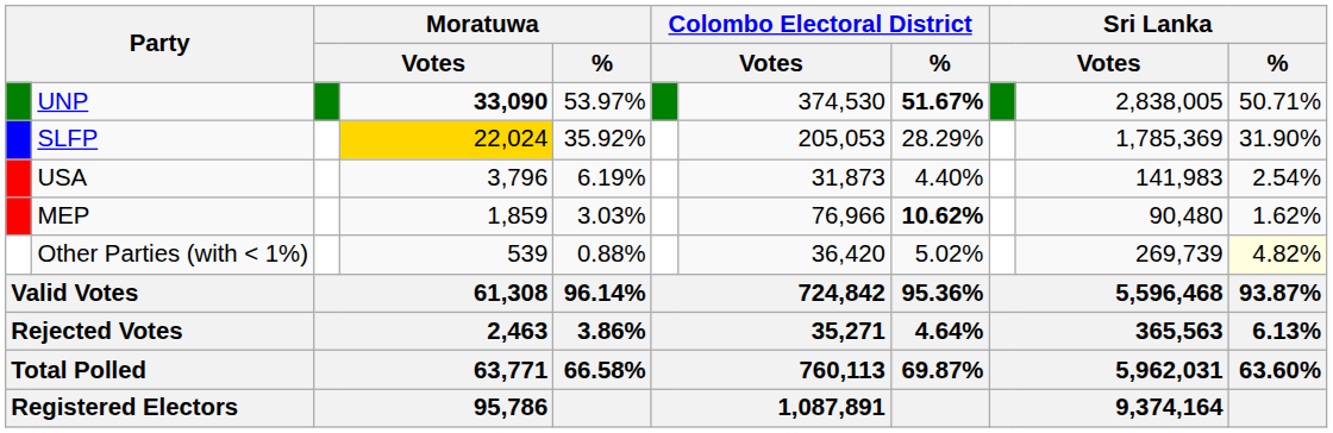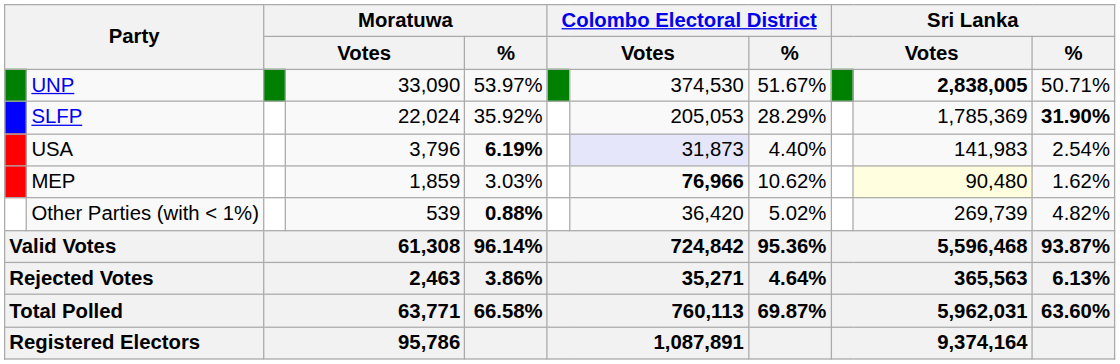 <table class="wikitable">
 <tr>
 <th colspan="2" width="144px"rowspan="2">Party</th>
 <th colspan="3" width="216px">Moratuwa</th>
 <th colspan="3" width="216px"><a href='#'>Colombo Electoral District</a></th>
 <th colspan="3" width="216px">Sri Lanka</th>
 </tr>
 <tr>
 <th colspan="2" width="144px">Votes</th>
 <th>%</th>
 <th colspan="2" width="144px">Votes</th>
 <th>%</th>
 <th colspan="2" width="144px">Votes</th>
 <th>%</th>
 </tr>
 <tr>
 <td style="background-color:green;" width="10px"></td>
 <td style="text-align:left;"><a href='#'>UNP</a></td>
 <td style="background-color:green;" width="10px"></td>
-<td style="text-align:right;"><strong>33,090</strong></td>
+<td style="text-align:right;">33,090</td>
 <td style="text-align:right;">53.97%</td>
 <td style="background-color:green;" width="10px"></td>
 <td style="text-align:right;">374,530</td>
-<td style="text-align:right;"><strong>51.67%</strong></td>
+<td style="text-align:right;">51.67%</td>
 <td style="background-color:green;" width="10px"></td>
-<td style="text-align:right;">2,838,005</td>
+<td style="text-align:right;"><strong>2,838,005</strong></td>
 <td style="text-align:right;">50.71%</td>
 </tr>
 <tr>
 <td style="background-color:blue;" width="10px"></td>
 <td style="text-align:left;"><a href='#'>SLFP</a></td>
 <td style="background-color:white;" width="10px"></td>
-<td style="background: gold; text-align:right;">22,024</td>
+<td style="text-align:right;">22,024</td>
 <td style="text-align:right;">35.92%</td>
 <td style="background-color:white;" width="10px"></td>
 <td style="text-align:right;">205,053</td>
 <td style="text-align:right;">28.29%</td>
 <td style="background-color:white;" width="10px"></td>
 <td style="text-align:right;">1,785,369</td>
-<td style="text-align:right;">31.90%</td>
+<td style="text-align:right;"><strong>31.90%</strong></td>
 </tr>
 <tr>
 <td style="background-color:red;" width="10px"></td>
 <td style="text-align:left;">USA</td>
 <td style="background-color:white;" width="10px"></td>
 <td style="text-align:right;">3,796</td>
-<td style="text-align:right;">6.19%</td>
+<td style="text-align:right;"><strong>6.19%</strong></td>
 <td style="background-color:white;" width="10px"></td>
-<td style="text-align:right;">31,873</td>
+<td style="background: lavender; text-align:right;">31,873</td>
 <td style="text-align:right;">4.40%</td>
 <td style="background-color:white;" width="10px"></td>
 <td style="text-align:right;">141,983</td>
 <td style="text-align:right;">2.54%</td>
 </tr>
 <tr>
 <td style="background-color:red;" width="10px"></td>
 <td style="text-align:left;">MEP</td>
 <td style="background-color:white;" width="10px"></td>
 <td style="text-align:right;">1,859</td>
 <td style="text-align:right;">3.03%</td>
 <td style="background-color:white;" width="10px"></td>
-<td style="text-align:right;">76,966</td>
-<td style="text-align:right;"><strong>10.62%</strong></td>
+<td style="text-align:right;"><strong>76,966</strong></td>
+<td style="text-align:right;">10.62%</td>
 <td style="background-color:white;" width="10px"></td>
-<td style="text-align:right;">90,480</td>
+<td style="background: lightyellow; text-align:right;">90,480</td>
 <td style="text-align:right;">1.62%</td>
 </tr>
 <tr>
 <td style="background-color:white;" width="10px"></td>
 <td style="text-align:left;">Other Parties (with < 1%)</td>
 <td style="background-color:white;" width="10px"></td>
 <td style="text-align:right;">539</td>
-<td style="text-align:right;">0.88%</td>
+<td style="text-align:right;"><strong>0.88%</strong></td>
 <td style="background-color:white;" width="10px"></td>
 <td style="text-align:right;">36,420</td>
 <td style="text-align:right;">5.02%</td>
 <td style="background-color:white;" width="10px"></td>
 <td style="text-align:right;">269,739</td>
-<td style="background: lightyellow; text-align:right;">4.82%</td>
+<td style="text-align:right;">4.82%</td>
 </tr>
 <tr>
 <th colspan="2" width="144px"style="text-align:left;">Valid Votes</th>
 <th style="text-align:right;"colspan="2" width="144px">61,308</th>
 <th style="text-align:right;">96.14%</th>
 <th style="text-align:right;"colspan="2" width="144px">724,842</th>
 <th style="text-align:right;">95.36%</th>
 <th style="text-align:right;"colspan="2" width="144px">5,596,468</th>
 <th style="text-align:right;">93.87%</th>
 </tr>
 <tr>
 <th colspan="2" width="144px"style="text-align:left;">Rejected Votes</th>
 <th style="text-align:right;"colspan="2" width="144px">2,463</th>
 <th style="text-align:right;">3.86%</th>
 <th style="text-align:right;"colspan="2" width="144px">35,271</th>
 <th style="text-align:right;">4.64%</th>
 <th style="text-align:right;"colspan="2" width="144px">365,563</th>
 <th style="text-align:right;">6.13%</th>
 </tr>
 <tr>
 <th colspan="2" width="144px"style="text-align:left;">Total Polled</th>
 <th style="text-align:right;"colspan="2" width="144px">63,771</th>
 <th style="text-align:right;">66.58%</th>
 <th style="text-align:right;"colspan="2" width="144px">760,113</th>
 <th style="text-align:right;">69.87%</th>
 <th style="text-align:right;"colspan="2" width="144px">5,962,031</th>
 <th style="text-align:right;">63.60%</th>
 </tr>
 <tr>
 <th colspan="2" width="144px"style="text-align:left;">Registered Electors</th>
 <th style="text-align:right;"colspan="2" width="144px">95,786</th>
 <th></th>
 <th style="text-align:right;"colspan="2" width="144px">1,087,891</th>
 <th></th>
 <th style="text-align:right;"colspan="2" width="144px">9,374,164</th>
 <th></th>
 </tr>
 </table>
